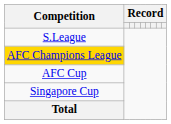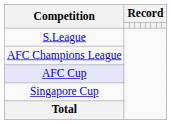 <table class="wikitable" style="text-align: center">
 <tr>
 <th rowspan=2>Competition</th>
 <th colspan=8>Record</th>
 </tr>
 <tr>
 <th></th>
 <th></th>
 <th></th>
 <th></th>
 <th></th>
 <th></th>
 <th></th>
 <th></th>
 </tr>
 <tr>
 <td><a href='#'>S.League</a><br></td>
 </tr>
 <tr>
-<td style="background: gold;"><a href='#'>AFC Champions League</a><br></td>
+<td><a href='#'>AFC Champions League</a><br></td>
 </tr>
 <tr>
-<td><a href='#'>AFC Cup</a><br></td>
+<td style="background: lavender;"><a href='#'>AFC Cup</a><br></td>
 </tr>
 <tr>
 <td><a href='#'>Singapore Cup</a><br></td>
 </tr>
 <tr>
 <th>Total<br></th>
 </tr>
 </table>
